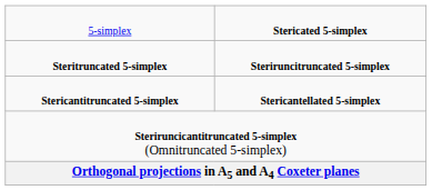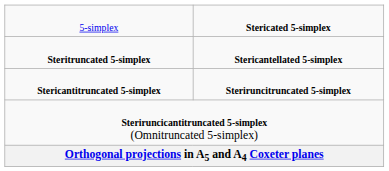 <table class=wikitable style="float:right; margin-left:8px; width:520px">
 <tr align=center valign=top>
 <td> <br><small><a href='#'>5-simplex</a></small><br></td>
 <td> <br><small><strong>Stericated 5-simplex</strong></small><br></td>
 </tr>
 <tr align=center valign=top>
 <td> <br><small><strong>Steritruncated 5-simplex</strong></small><br></td>
-<td> <br><small><strong>Steriruncitruncated 5-simplex</strong></small><br></td>
+<td> <br><small><strong>Stericantellated 5-simplex</strong></small><br></td>
 </tr>
 <tr align=center valign=top>
 <td> <br><small><strong>Stericantitruncated 5-simplex</strong></small><br></td>
-<td> <br><small><strong>Stericantellated 5-simplex</strong></small><br></td>
+<td> <br><small><strong>Steriruncitruncated 5-simplex</strong></small><br></td>
 </tr>
 <tr align=center valign=top>
 <td colspan=2> <br><small><strong>Steriruncicantitruncated 5-simplex</strong></small><br>(Omnitruncated 5-simplex)<br></td>
 </tr>
 <tr>
 <th colspan=4><a href='#'>Orthogonal projections</a> in A<sub>5</sub> and A<sub>4</sub> <a href='#'>Coxeter planes</a></th>
 </tr>
 </table>
